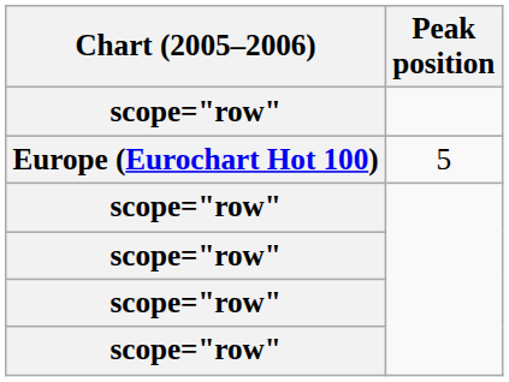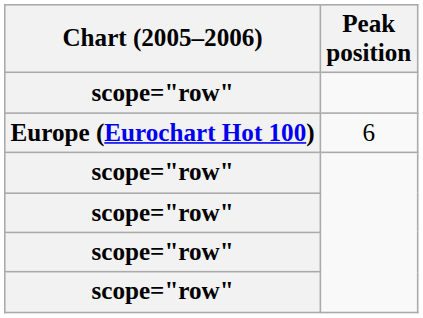 <table class="wikitable sortable plainrowheaders" style="text-align:center">
 <tr>
 <th scope="col">Chart (2005–2006)</th>
 <th scope="col">Peak<br>position</th>
 </tr>
 <tr>
 <th>scope="row"</th>
 </tr>
 <tr>
 <th scope="row">Europe (<a href='#'>Eurochart Hot 100</a>)</th>
-<td>5</td>
+<td>6</td>
 </tr>
 <tr>
 <th>scope="row"</th>
 </tr>
 <tr>
 <th>scope="row"</th>
 </tr>
 <tr>
 <th>scope="row"</th>
 </tr>
 <tr>
 <th>scope="row"</th>
 </tr>
 </table>
